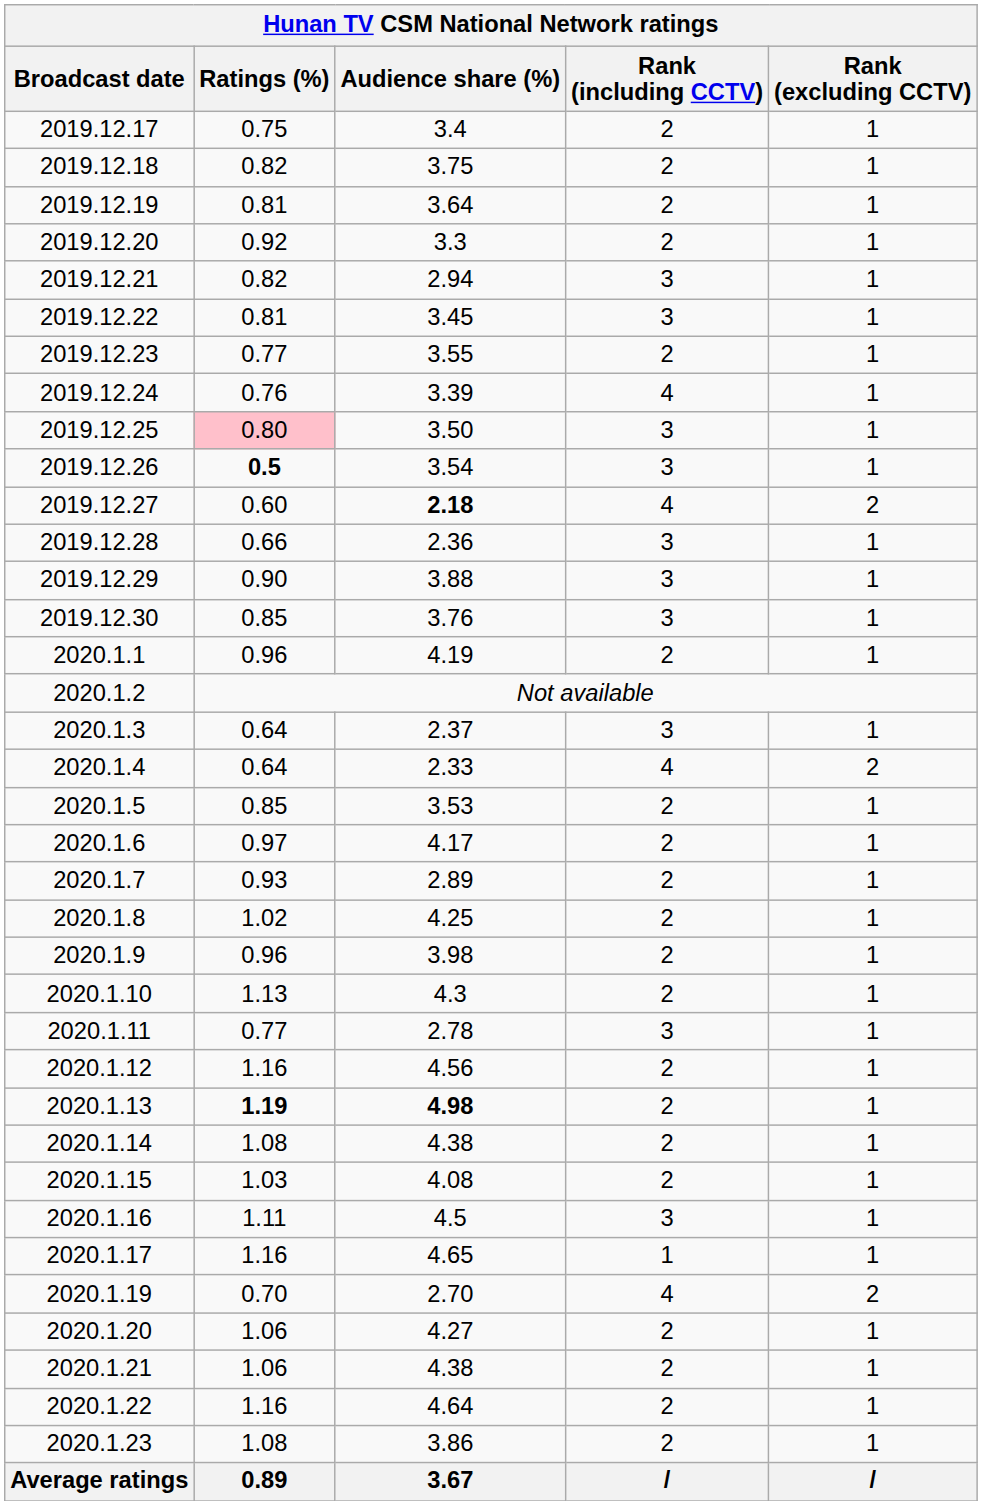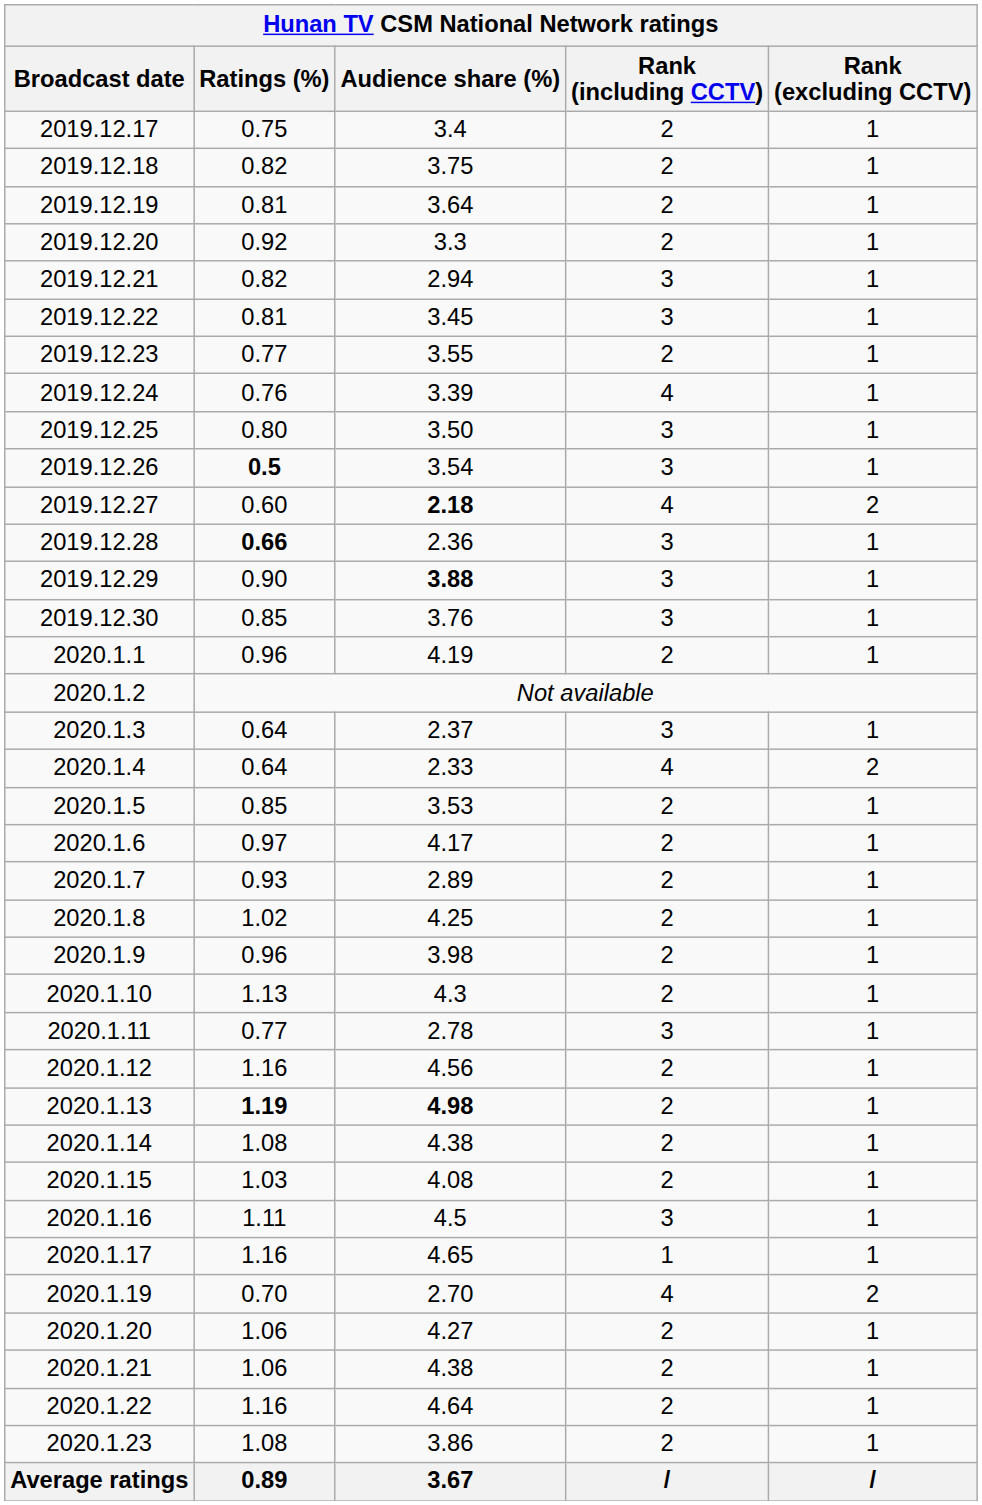 <table class="wikitable sortable mw-collapsible jquery-tablesorter" style="text-align:center">
 <tr>
 <th colspan="5"><a href='#'>Hunan TV</a> CSM National Network ratings　</th>
 </tr>
 <tr>
 <th>Broadcast date</th>
 <th>Ratings (%)</th>
 <th>Audience share (%)</th>
 <th>Rank<br>(including <a href='#'>CCTV</a>)</th>
 <th>Rank<br>(excluding CCTV)</th>
 </tr>
 <tr>
 <td>2019.12.17</td>
 <td>0.75</td>
 <td>3.4</td>
 <td>2</td>
 <td>1</td>
 </tr>
 <tr>
 <td>2019.12.18</td>
 <td>0.82</td>
 <td>3.75</td>
 <td>2</td>
 <td>1</td>
 </tr>
 <tr>
 <td>2019.12.19</td>
 <td>0.81</td>
 <td>3.64</td>
 <td>2</td>
 <td>1</td>
 </tr>
 <tr>
 <td>2019.12.20</td>
 <td>0.92</td>
 <td>3.3</td>
 <td>2</td>
 <td>1</td>
 </tr>
 <tr>
 <td>2019.12.21</td>
 <td>0.82</td>
 <td>2.94</td>
 <td>3</td>
 <td>1</td>
 </tr>
 <tr>
 <td>2019.12.22</td>
 <td>0.81</td>
 <td>3.45</td>
 <td>3</td>
 <td>1</td>
 </tr>
 <tr>
 <td>2019.12.23</td>
 <td>0.77</td>
 <td>3.55</td>
 <td>2</td>
 <td>1</td>
 </tr>
 <tr>
 <td>2019.12.24</td>
 <td>0.76</td>
 <td>3.39</td>
 <td>4</td>
 <td>1</td>
 </tr>
 <tr>
 <td>2019.12.25</td>
-<td style="background: pink;">0.80</td>
+<td>0.80</td>
 <td>3.50</td>
 <td>3</td>
 <td>1</td>
 </tr>
 <tr>
 <td>2019.12.26</td>
 <td><strong><span>0.5</span></strong></td>
 <td>3.54</td>
 <td>3</td>
 <td>1</td>
 </tr>
 <tr>
 <td>2019.12.27</td>
 <td>0.60</td>
 <td><strong><span>2.18</span></strong></td>
 <td>4</td>
 <td>2</td>
 </tr>
 <tr>
 <td>2019.12.28</td>
-<td>0.66</td>
+<td><strong>0.66</strong></td>
 <td>2.36</td>
 <td>3</td>
 <td>1</td>
 </tr>
 <tr>
 <td>2019.12.29</td>
 <td>0.90</td>
-<td>3.88</td>
+<td><strong>3.88</strong></td>
 <td>3</td>
 <td>1</td>
 </tr>
 <tr>
 <td>2019.12.30</td>
 <td>0.85</td>
 <td>3.76</td>
 <td>3</td>
 <td>1</td>
 </tr>
 <tr>
 <td>2020.1.1</td>
 <td>0.96</td>
 <td>4.19</td>
 <td>2</td>
 <td>1</td>
 </tr>
 <tr>
 <td>2020.1.2</td>
 <td colspan="4" rowspan="1"><em>Not available</em></td>
 </tr>
 <tr>
 <td>2020.1.3</td>
 <td>0.64</td>
 <td>2.37</td>
 <td>3</td>
 <td>1</td>
 </tr>
 <tr>
 <td>2020.1.4</td>
 <td>0.64</td>
 <td>2.33</td>
 <td>4</td>
 <td>2</td>
 </tr>
 <tr>
 <td>2020.1.5</td>
 <td>0.85</td>
 <td>3.53</td>
 <td>2</td>
 <td>1</td>
 </tr>
 <tr>
 <td>2020.1.6</td>
 <td>0.97</td>
 <td>4.17</td>
 <td>2</td>
 <td>1</td>
 </tr>
 <tr>
 <td>2020.1.7</td>
 <td>0.93</td>
 <td>2.89</td>
 <td>2</td>
 <td>1</td>
 </tr>
 <tr>
 <td>2020.1.8</td>
 <td>1.02</td>
 <td>4.25</td>
 <td>2</td>
 <td>1</td>
 </tr>
 <tr>
 <td>2020.1.9</td>
 <td>0.96</td>
 <td>3.98</td>
 <td>2</td>
 <td>1</td>
 </tr>
 <tr>
 <td>2020.1.10</td>
 <td>1.13</td>
 <td>4.3</td>
 <td>2</td>
 <td>1</td>
 </tr>
 <tr>
 <td>2020.1.11</td>
 <td>0.77</td>
 <td>2.78</td>
 <td>3</td>
 <td>1</td>
 </tr>
 <tr>
 <td>2020.1.12</td>
 <td>1.16</td>
 <td>4.56</td>
 <td>2</td>
 <td>1</td>
 </tr>
 <tr>
 <td>2020.1.13</td>
 <td><strong><span>1.19</span></strong></td>
 <td><strong><span>4.98</span></strong></td>
 <td>2</td>
 <td>1</td>
 </tr>
 <tr>
 <td>2020.1.14</td>
 <td>1.08</td>
 <td>4.38</td>
 <td>2</td>
 <td>1</td>
 </tr>
 <tr>
 <td>2020.1.15</td>
 <td>1.03</td>
 <td>4.08</td>
 <td>2</td>
 <td>1</td>
 </tr>
 <tr>
 <td>2020.1.16</td>
 <td>1.11</td>
 <td>4.5</td>
 <td>3</td>
 <td>1</td>
 </tr>
 <tr>
 <td>2020.1.17</td>
 <td>1.16</td>
 <td>4.65</td>
 <td>1</td>
 <td>1</td>
 </tr>
 <tr>
 <td>2020.1.19</td>
 <td>0.70</td>
 <td>2.70</td>
 <td>4</td>
 <td>2</td>
 </tr>
 <tr>
 <td>2020.1.20</td>
 <td>1.06</td>
 <td>4.27</td>
 <td>2</td>
 <td>1</td>
 </tr>
 <tr>
 <td>2020.1.21</td>
 <td>1.06</td>
 <td>4.38</td>
 <td>2</td>
 <td>1</td>
 </tr>
 <tr>
 <td>2020.1.22</td>
 <td>1.16</td>
 <td>4.64</td>
 <td>2</td>
 <td>1</td>
 </tr>
 <tr>
 <td>2020.1.23</td>
 <td>1.08</td>
 <td>3.86</td>
 <td>2</td>
 <td>1</td>
 </tr>
 <tr>
 <th><strong>Average ratings</strong></th>
 <th><strong>0.89</strong></th>
 <th><strong>3.67</strong></th>
 <th><strong>/</strong></th>
 <th><strong>/</strong></th>
 </tr>
 </table>
